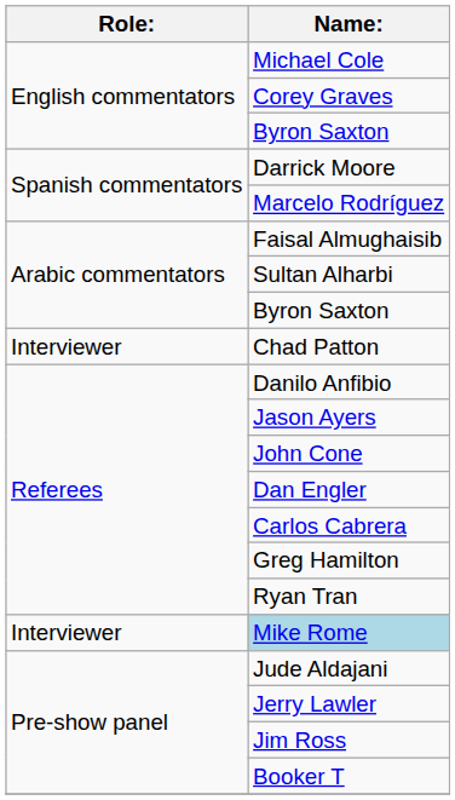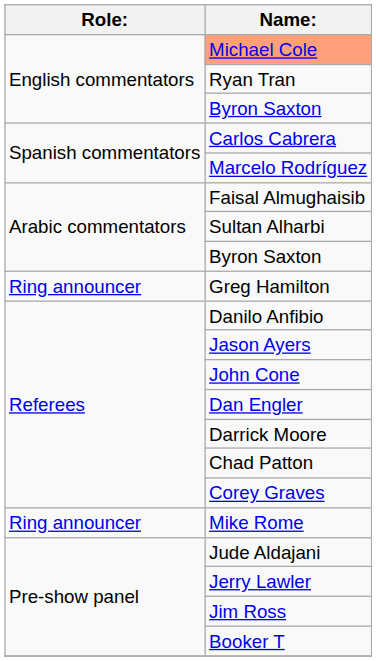 <table class=wikitable style="font-size:90%; margin: 0.5em 0 0.5em 1em; float: right; clear: right;">
 <tr>
 <th>Role:</th>
 <th>Name:</th>
 </tr>
 <tr>
 <td rowspan=3>English commentators</td>
-<td><a href='#'>Michael Cole</a></td>
+<td style="background: lightsalmon;"><a href='#'>Michael Cole</a></td>
 </tr>
 <tr>
-<td><a href='#'>Corey Graves</a></td>
+<td>Ryan Tran</td>
 </tr>
 <tr>
 <td><a href='#'>Byron Saxton</a></td>
 </tr>
 <tr>
 <td rowspan=2>Spanish commentators</td>
-<td>Darrick Moore</td>
+<td><a href='#'>Carlos Cabrera</a></td>
 </tr>
 <tr>
 <td><a href='#'>Marcelo Rodríguez</a></td>
 </tr>
 <tr>
 <td rowspan=3>Arabic commentators</td>
 <td>Faisal Almughaisib</td>
 </tr>
 <tr>
 <td>Sultan Alharbi</td>
 </tr>
 <tr>
 <td>Byron Saxton</td>
 </tr>
 <tr>
-<td>Interviewer</td>
-<td>Chad Patton</td>
+<td><a href='#'>Ring announcer</a></td>
+<td>Greg Hamilton</td>
 </tr>
 <tr>
 <td rowspan=7><a href='#'>Referees</a></td>
 <td>Danilo Anfibio</td>
 </tr>
 <tr>
 <td><a href='#'>Jason Ayers</a></td>
 </tr>
 <tr>
 <td><a href='#'>John Cone</a></td>
 </tr>
 <tr>
 <td><a href='#'>Dan Engler</a></td>
 </tr>
 <tr>
-<td><a href='#'>Carlos Cabrera</a></td>
+<td>Darrick Moore</td>
 </tr>
 <tr>
-<td>Greg Hamilton</td>
+<td>Chad Patton</td>
 </tr>
 <tr>
-<td>Ryan Tran</td>
+<td><a href='#'>Corey Graves</a></td>
 </tr>
 <tr>
-<td>Interviewer</td>
-<td style="background: lightblue;"><a href='#'>Mike Rome</a></td>
+<td><a href='#'>Ring announcer</a></td>
+<td><a href='#'>Mike Rome</a></td>
 </tr>
 <tr>
 <td rowspan=4>Pre-show panel</td>
 <td>Jude Aldajani</td>
 </tr>
 <tr>
 <td><a href='#'>Jerry Lawler</a></td>
 </tr>
 <tr>
 <td><a href='#'>Jim Ross</a></td>
 </tr>
 <tr>
 <td><a href='#'>Booker T</a></td>
 </tr>
 <tr>
 </tr>
 </table>
